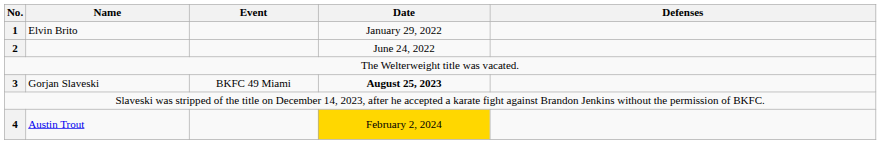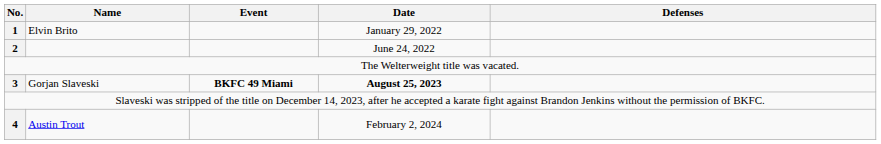 <table class="wikitable" width=100%>
 <tr>
 <th width=1%>No.</th>
 <th width=19%>Name</th>
 <th width=15%>Event</th>
 <th width=20%>Date</th>
 <th width=45%>Defenses</th>
 </tr>
 <tr>
 <th>1</th>
 <td align=left> Elvin Brito<br></td>
 <td align=center><br></td>
 <td align=center>January 29, 2022</td>
 <td></td>
 </tr>
 <tr>
 <th>2</th>
 <td align=left></td>
 <td align=center><br></td>
 <td align=center>June 24, 2022</td>
 <td></td>
 </tr>
 <tr>
 <td colspan=5 align=center>The Welterweight title was vacated.</td>
 </tr>
 <tr>
 <th>3</th>
 <td align=left> Gorjan Slaveski<br></td>
-<td align=center>BKFC 49 Miami</td>
+<td align=center><strong>BKFC 49 Miami</strong></td>
 <td align=center><strong>August 25, 2023</strong></td>
 <td></td>
 </tr>
 <tr>
 <td colspan=5 align=center>Slaveski was stripped of the title on December 14, 2023, after he accepted a karate fight against Brandon Jenkins without the permission of BKFC.</td>
 </tr>
 <tr>
 <th>4</th>
 <td align=left> <a href='#'>Austin Trout</a><br></td>
 <td align=center><br></td>
-<td align=center style="background: gold;">February 2, 2024</td>
+<td align=center>February 2, 2024</td>
 <td><br><br></td>
 </tr>
 </table>
